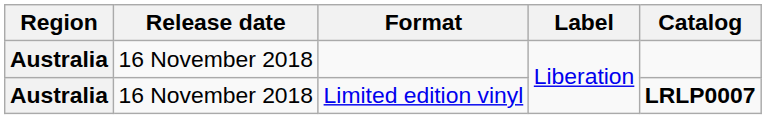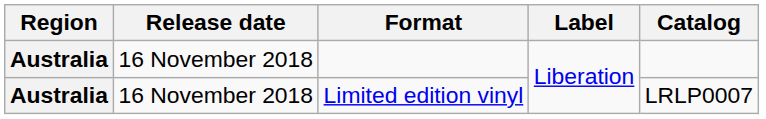 <table class="wikitable plainrowheaders">
 <tr>
 <th>Region</th>
 <th>Release date</th>
 <th>Format</th>
 <th>Label</th>
 <th>Catalog</th>
 </tr>
 <tr>
 <th scope="row">Australia</th>
 <td>16 November 2018</td>
 <td></td>
 <td rowspan="2"><a href='#'>Liberation</a></td>
 <td></td>
 </tr>
 <tr>
 <th scope="row">Australia</th>
 <td>16 November 2018</td>
 <td><a href='#'>Limited edition vinyl</a></td>
-<td><strong>LRLP0007</strong></td>
+<td>LRLP0007</td>
 </tr>
 </table>
